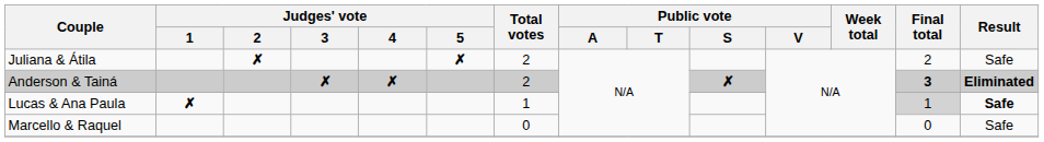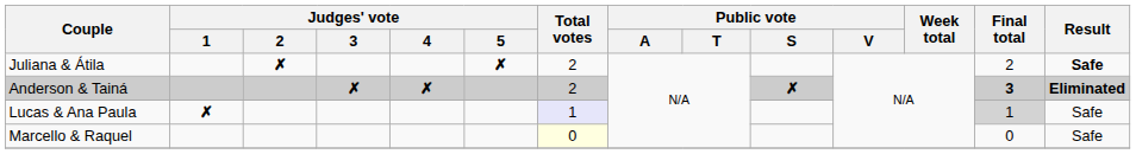 <table class="wikitable" style="font-size:90%; line-height:16px; text-align:center" width="85%">
 <tr>
 <th rowspan=2 width=150>Couple</th>
 <th colspan=5 width=185>Judges' vote</th>
 <th rowspan=2 width=060>Total votes</th>
 <th colspan=4 width=148>Public vote</th>
 <th rowspan=2 width=060>Week total</th>
 <th rowspan=2 width=060>Final total</th>
 <th rowspan=2 width=075>Result</th>
 </tr>
 <tr>
 <th>1</th>
 <th>2</th>
 <th>3</th>
 <th>4</th>
 <th>5</th>
 <th>A</th>
 <th>T</th>
 <th>S</th>
 <th>V</th>
 </tr>
 <tr>
 <td align="left">Juliana & Átila</td>
 <td></td>
 <td><strong>✗</strong></td>
 <td></td>
 <td></td>
 <td><strong>✗</strong></td>
 <td>2</td>
 <td rowspan=4 colspan=2><small>N/A</small></td>
 <td></td>
 <td rowspan=4 colspan=2><small>N/A</small></td>
 <td>2</td>
-<td>Safe</td>
+<td><strong>Safe</strong></td>
 </tr>
 <tr bgcolor="CCCCCC">
 <td align="left">Anderson & Tainá</td>
 <td></td>
 <td></td>
 <td><strong>✗</strong></td>
 <td><strong>✗</strong></td>
 <td></td>
 <td>2</td>
 <td><strong>✗</strong></td>
 <td><strong>3</strong></td>
 <td><strong>Eliminated</strong></td>
 </tr>
 <tr>
 <td align="left">Lucas & Ana Paula</td>
 <td><strong>✗</strong></td>
 <td></td>
 <td></td>
 <td></td>
 <td></td>
-<td>1</td>
+<td style="background: lavender;">1</td>
 <td></td>
 <td style="background: lightgrey;">1</td>
-<td><strong>Safe</strong></td>
+<td>Safe</td>
 </tr>
 <tr>
 <td align="left">Marcello & Raquel</td>
 <td></td>
 <td></td>
 <td></td>
 <td></td>
 <td></td>
-<td>0</td>
+<td style="background: lightyellow;">0</td>
 <td></td>
 <td>0</td>
 <td>Safe</td>
 </tr>
 <tr>
 </tr>
 </table>
